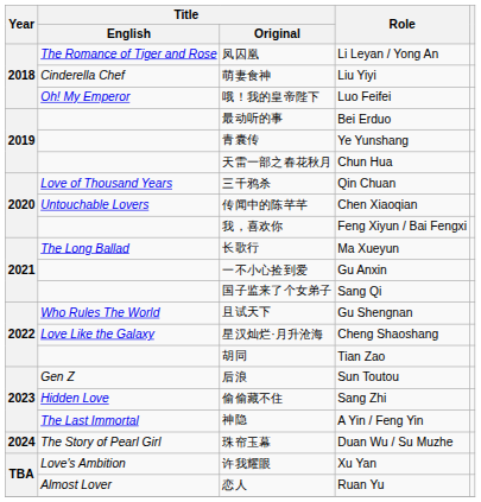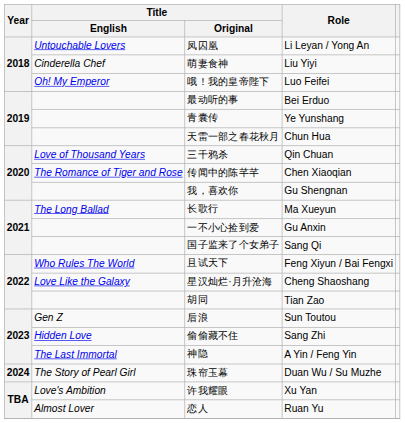 <table class="wikitable sortable plainrowheaders">
 <tr>
 <th scope="col" rowspan="2">Year</th>
 <th scope="col" colspan="2">Title</th>
 <th scope="col" rowspan="2">Role</th>
 <th scope="col" rowspan="2" class="unsortable"></th>
 </tr>
 <tr>
 <th scope="col">English</th>
 <th scope="col">Original</th>
 </tr>
 <tr>
 <th scope="row" rowspan="3">2018</th>
-<td><em><a href='#'>The Romance of Tiger and Rose</a></em></td>
+<td><em><a href='#'>Untouchable Lovers</a></em></td>
 <td>凤囚凰</td>
 <td>Li Leyan / Yong An</td>
 <td></td>
 </tr>
 <tr>
 <td><em>Cinderella Chef</em></td>
 <td>萌妻食神</td>
 <td>Liu Yiyi</td>
 <td></td>
 </tr>
 <tr>
 <td><em><a href='#'>Oh! My Emperor</a></em></td>
 <td>哦！我的皇帝陛下</td>
 <td>Luo Feifei</td>
 <td></td>
 </tr>
 <tr>
 <th scope="row" rowspan="3">2019</th>
 <td><em></em></td>
 <td>最动听的事</td>
 <td>Bei Erduo</td>
 <td></td>
 </tr>
 <tr>
 <td><em></em></td>
 <td>青囊传</td>
 <td>Ye Yunshang</td>
 <td></td>
 </tr>
 <tr>
 <td><em></em></td>
 <td>天雷一部之春花秋月</td>
 <td>Chun Hua</td>
 <td></td>
 </tr>
 <tr>
 <th scope="row" rowspan="3">2020</th>
 <td><em><a href='#'>Love of Thousand Years</a></em></td>
 <td>三千鸦杀</td>
 <td>Qin Chuan</td>
 <td></td>
 </tr>
 <tr>
-<td><em><a href='#'>Untouchable Lovers</a></em></td>
+<td><em><a href='#'>The Romance of Tiger and Rose</a></em></td>
 <td>传闻中的陈芊芊</td>
 <td>Chen Xiaoqian</td>
 <td></td>
 </tr>
 <tr>
 <td><em></em></td>
 <td>我，喜欢你</td>
-<td>Feng Xiyun / Bai Fengxi</td>
+<td>Gu Shengnan</td>
 <td></td>
 </tr>
 <tr>
 <th scope="row" rowspan="3">2021</th>
 <td><em><a href='#'>The Long Ballad</a></em></td>
 <td>长歌行</td>
 <td>Ma Xueyun</td>
 <td></td>
 </tr>
 <tr>
 <td><em></em></td>
 <td>一不小心捡到爱</td>
 <td>Gu Anxin</td>
 <td></td>
 </tr>
 <tr>
 <td><em></em></td>
 <td>国子监来了个女弟子</td>
 <td>Sang Qi</td>
 <td></td>
 </tr>
 <tr>
 <th scope="row" rowspan="3">2022</th>
 <td><em><a href='#'>Who Rules The World</a></em></td>
 <td>且试天下</td>
-<td>Gu Shengnan</td>
+<td>Feng Xiyun / Bai Fengxi</td>
 <td></td>
 </tr>
 <tr>
 <td><em><a href='#'>Love Like the Galaxy</a></em></td>
 <td>星汉灿烂·月升沧海</td>
 <td>Cheng Shaoshang</td>
 <td></td>
 </tr>
 <tr>
 <td><em></em></td>
 <td>胡同</td>
 <td>Tian Zao</td>
 <td></td>
 </tr>
 <tr>
 <th rowspan="3" scope="row">2023</th>
 <td><em>Gen Z</em></td>
 <td>后浪</td>
 <td>Sun Toutou</td>
 <td></td>
 </tr>
 <tr>
 <td><em><a href='#'>Hidden Love</a></em></td>
 <td>偷偷藏不住</td>
 <td>Sang Zhi</td>
 <td></td>
 </tr>
 <tr>
 <td><em><a href='#'>The Last Immortal</a></em></td>
 <td>神隐</td>
 <td>A Yin / Feng Yin</td>
 <td></td>
 </tr>
 <tr>
 <th scope="row">2024</th>
 <td><em>The Story of Pearl Girl</em></td>
 <td>珠帘玉幕</td>
 <td>Duan Wu / Su Muzhe</td>
 <td></td>
 </tr>
 <tr>
 <th rowspan="2" scope="row">TBA</th>
 <td><em>Love's Ambition</em></td>
 <td>许我耀眼</td>
 <td>Xu Yan</td>
 <td></td>
 </tr>
 <tr>
 <td><em>Almost Lover</em></td>
 <td>恋人</td>
 <td>Ruan Yu</td>
 <td></td>
 </tr>
 <tr>
 </tr>
 </table>
